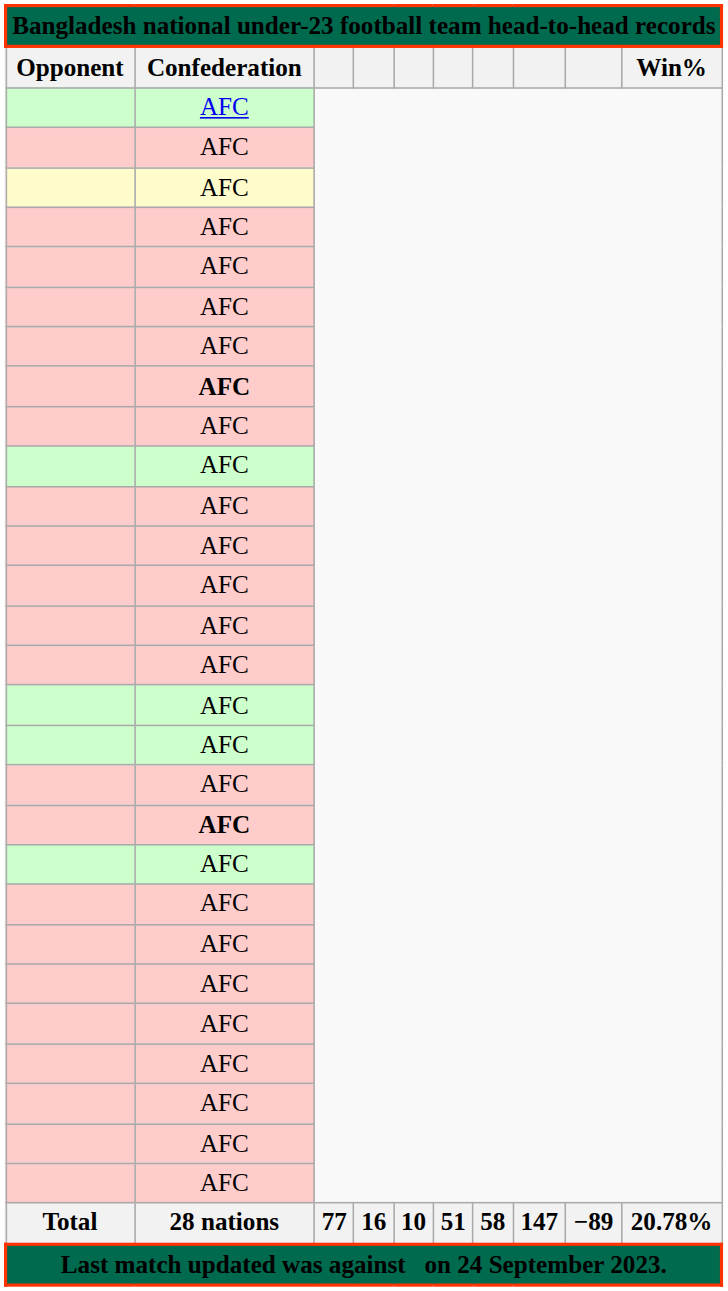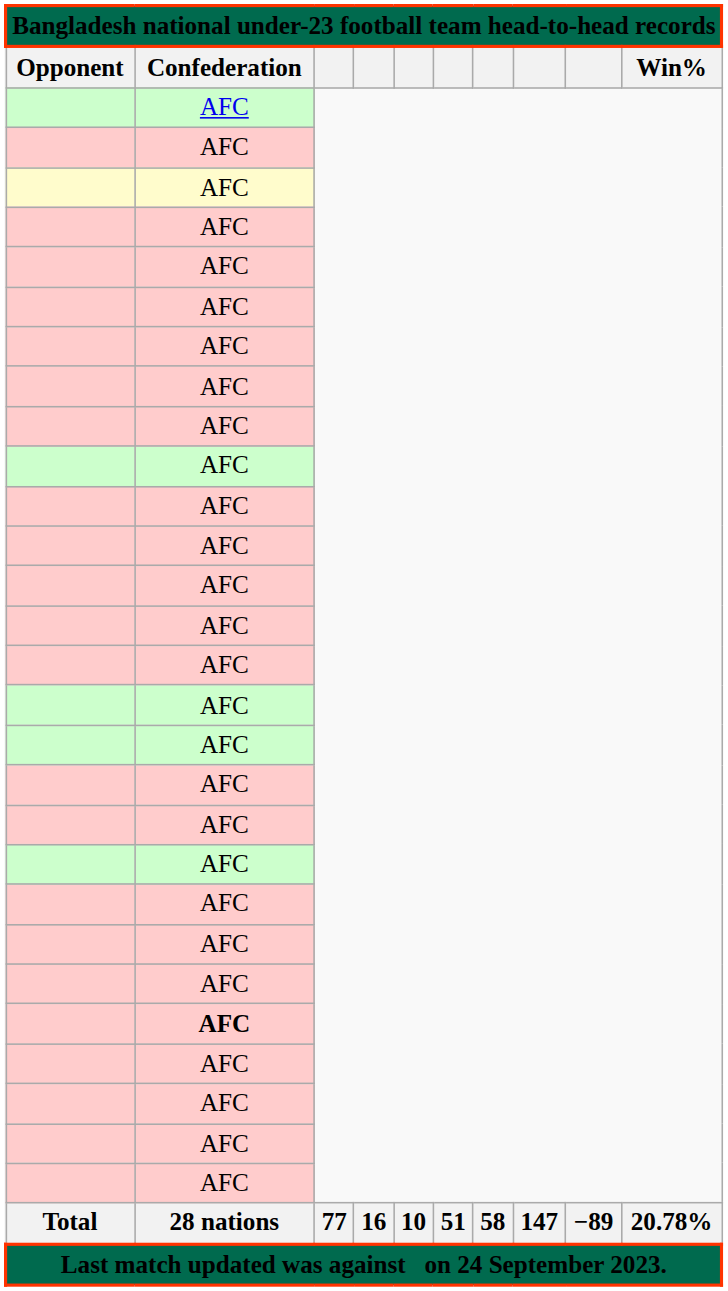 <table class="wikitable sortable" style="text-align: center; font-size: 100%;">
 <tr>
 <th colspan=14 style="background-color:#006a4e;border: 2px solid #ff3300;"><span>Bangladesh national under-23 football team head-to-head records</span></th>
 </tr>
 <tr>
 <th>Opponent</th>
 <th>Confederation</th>
 <th></th>
 <th></th>
 <th></th>
 <th></th>
 <th></th>
 <th></th>
 <th></th>
 <th>Win%</th>
 </tr>
 <tr bgcolor=CCFFCC>
 <td align="left"></td>
 <td><a href='#'>AFC</a><br></td>
 </tr>
 <tr bgcolor=FFCCCC>
 <td align="left"></td>
 <td>AFC<br></td>
 </tr>
 <tr bgcolor=FFFCCC>
 <td align="left"></td>
 <td>AFC<br></td>
 </tr>
 <tr bgcolor=FFCCCC>
 <td align="left"></td>
 <td>AFC<br></td>
 </tr>
 <tr bgcolor=FFCCCC>
 <td align="left"></td>
 <td>AFC<br></td>
 </tr>
 <tr bgcolor=FFCCCC>
 <td align="left"></td>
 <td>AFC<br></td>
 </tr>
 <tr bgcolor=FFCCCC>
 <td align="left"></td>
 <td>AFC<br></td>
 </tr>
 <tr bgcolor=FFCCCC>
 <td align="left"></td>
-<td><strong>AFC<br></strong></td>
+<td>AFC<br></td>
 </tr>
 <tr bgcolor=FFCCCC>
 <td align="left"></td>
 <td>AFC<br></td>
 </tr>
 <tr bgcolor=CCFFCC>
 <td align="left"></td>
 <td>AFC<br></td>
 </tr>
 <tr bgcolor=FFCCCC>
 <td align="left"></td>
 <td>AFC<br></td>
 </tr>
 <tr bgcolor=FFCCCC>
 <td align="left"></td>
 <td>AFC<br></td>
 </tr>
 <tr bgcolor=FFCCCC>
 <td align="left"></td>
 <td>AFC<br></td>
 </tr>
 <tr bgcolor=FFCCCC>
 <td align="left"></td>
 <td>AFC<br></td>
 </tr>
 <tr bgcolor=FFCCCC>
 <td align="left"></td>
 <td>AFC<br></td>
 </tr>
 <tr bgcolor=CCFFCC>
 <td align="left"></td>
 <td>AFC<br></td>
 </tr>
 <tr bgcolor=CCFFCC>
 <td align="left"></td>
 <td>AFC<br></td>
 </tr>
 <tr bgcolor=FFCCCC>
 <td align="left"></td>
 <td>AFC<br></td>
 </tr>
 <tr bgcolor=FFCCCC>
 <td align="left"></td>
-<td><strong>AFC<br></strong></td>
+<td>AFC<br></td>
 </tr>
 <tr bgcolor=CCFFCC>
 <td align="left"></td>
 <td>AFC<br></td>
 </tr>
 <tr bgcolor=FFCCCC>
 <td align="left"></td>
 <td>AFC<br></td>
 </tr>
 <tr bgcolor=FFCCCC>
 <td align="left"></td>
 <td>AFC<br></td>
 </tr>
 <tr bgcolor=FFCCCC>
 <td align="left"></td>
 <td>AFC<br></td>
 </tr>
 <tr bgcolor=FFCCCC>
 <td align="left"></td>
-<td>AFC<br></td>
+<td><strong>AFC<br></strong></td>
 </tr>
 <tr bgcolor=FFCCCC>
 <td align="left"></td>
 <td>AFC<br></td>
 </tr>
 <tr bgcolor=FFCCCC>
 <td align="left"></td>
 <td>AFC<br></td>
 </tr>
 <tr bgcolor=FFCCCC>
 <td align="left"></td>
 <td>AFC<br></td>
 </tr>
 <tr bgcolor=FFCCCC>
 <td align="left"></td>
 <td>AFC<br></td>
 </tr>
 <tr>
 <th>Total</th>
 <th>28 nations</th>
 <th>77</th>
 <th>16</th>
 <th>10</th>
 <th>51</th>
 <th>58</th>
 <th>147</th>
 <th>−89</th>
 <th>20.78%</th>
 </tr>
 <tr>
 <th colspan=12 style="background-color:#006a4e;border: 2px solid #ff3300;"><span>Last match updated was against   <a href='#'></a> on 24 September 2023.</span></th>
 </tr>
 </table>
